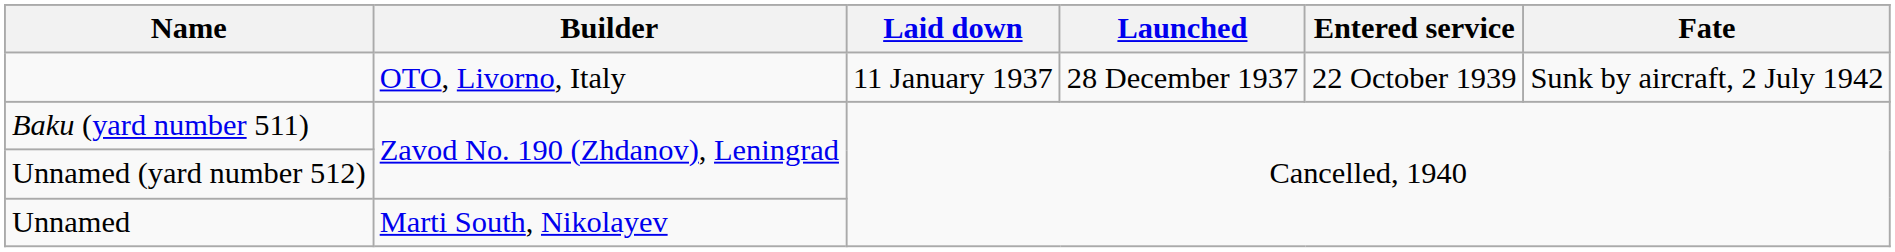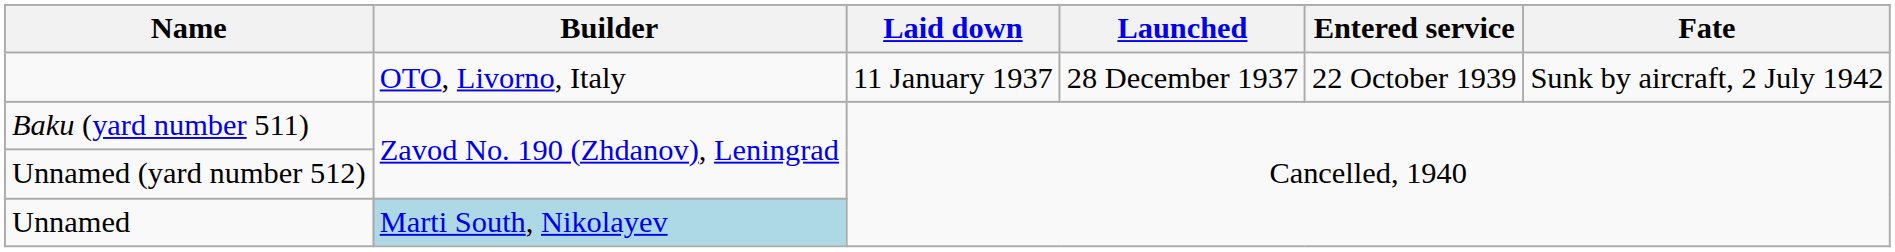 <table class="wikitable">
 <tr>
 <th>Name</th>
 <th>Builder</th>
 <th><a href='#'>Laid down</a></th>
 <th><a href='#'>Launched</a></th>
 <th>Entered service</th>
 <th>Fate</th>
 </tr>
 <tr>
 <td></td>
 <td><a href='#'>OTO</a>, <a href='#'>Livorno</a>, Italy</td>
 <td>11 January 1937</td>
 <td>28 December 1937</td>
 <td>22 October 1939</td>
 <td>Sunk by aircraft, 2 July 1942 </td>
 </tr>
 <tr>
 <td><em>Baku</em> (<a href='#'>yard number</a> 511)</td>
 <td rowspan=2><a href='#'>Zavod No. 190 (Zhdanov)</a>, <a href='#'>Leningrad</a></td>
 <td rowspan=3 colspan=4 style="text-align: center">Cancelled, 1940</td>
 </tr>
 <tr>
 <td>Unnamed (yard number 512)</td>
 </tr>
 <tr>
 <td>Unnamed</td>
-<td><a href='#'>Marti South</a>, <a href='#'>Nikolayev</a></td>
+<td style="background: lightblue;"><a href='#'>Marti South</a>, <a href='#'>Nikolayev</a></td>
 </tr>
 </table>
